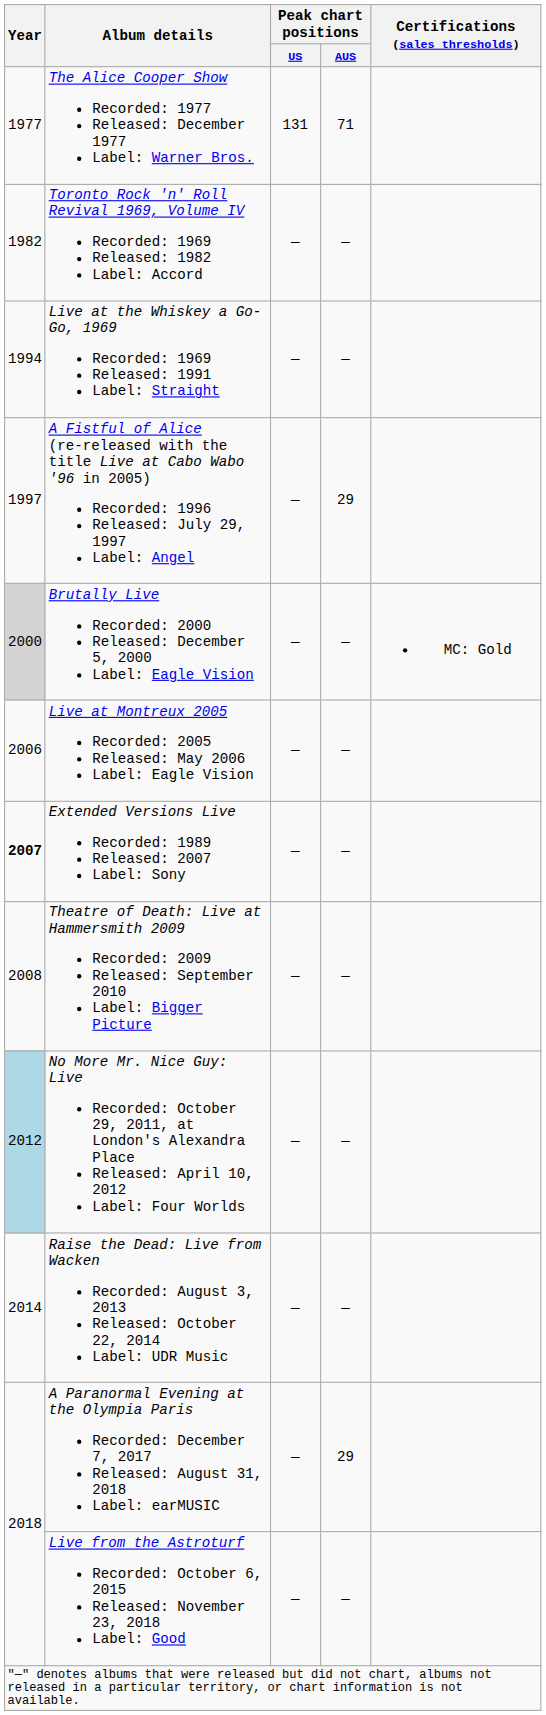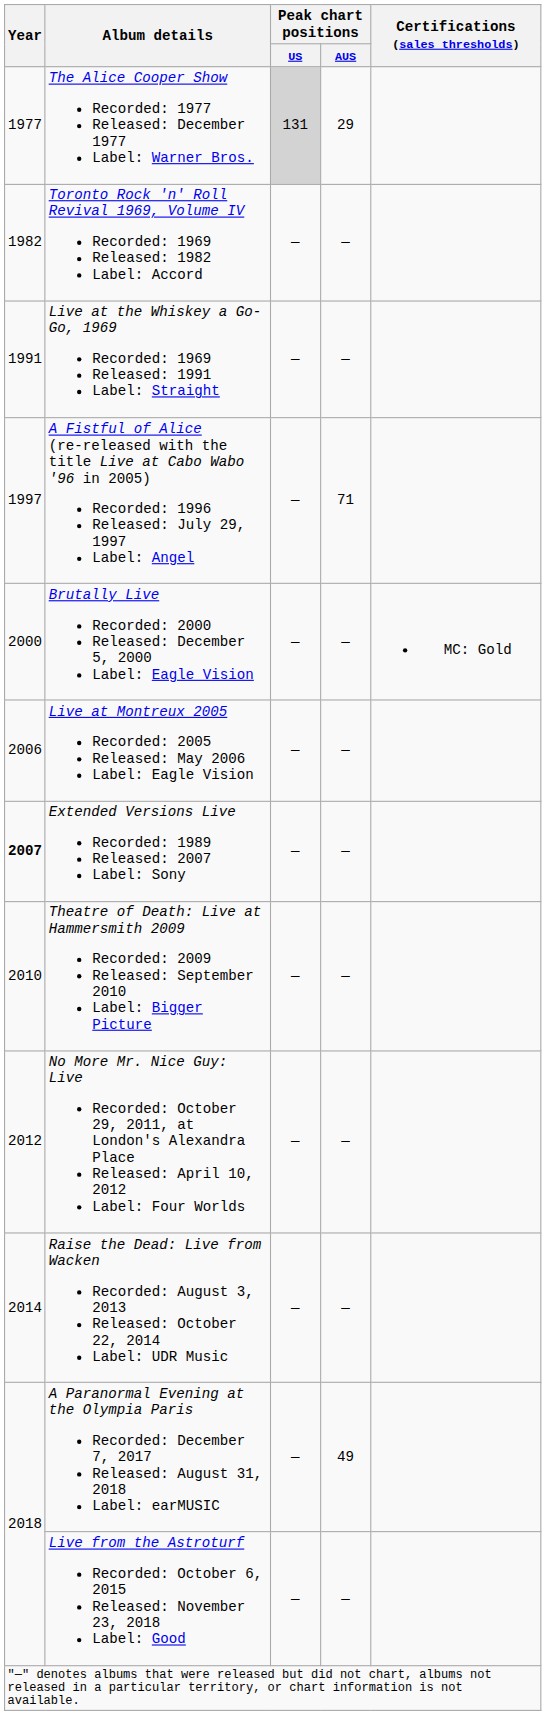 <table class="wikitable">
 <tr>
 <th rowspan="2" style="width:30px;">Year</th>
 <th rowspan="2" style="width:200px;">Album details</th>
 <th colspan="2">Peak chart positions</th>
 <th rowspan="2" style="width:150px;">Certifications<br><small>(<a href='#'>sales thresholds</a>)</small></th>
 </tr>
 <tr>
 <th style="width:40px;"><small><a href='#'>US</a></small><br></th>
 <th style="width:40px;"><small><a href='#'>AUS</a></small><br></th>
 </tr>
 <tr>
 <td>1977</td>
 <td><em><a href='#'>The Alice Cooper Show</a></em><br><ul><li>Recorded: 1977</li><li>Released: December 1977</li><li>Label: <a href='#'>Warner Bros.</a></li></ul></td>
-<td style="text-align:center;">131</td>
-<td style="text-align:center;">71</td>
+<td style="background: lightgrey; text-align:center;">131</td>
+<td style="text-align:center;">29</td>
 <td style="text-align:center;"></td>
 </tr>
 <tr>
 <td>1982</td>
 <td><em><a href='#'>Toronto Rock 'n' Roll Revival 1969, Volume IV</a></em><br><ul><li>Recorded: 1969</li><li>Released: 1982</li><li>Label: Accord</li></ul></td>
 <td style="text-align:center;">—</td>
 <td style="text-align:center;">—</td>
 <td style="text-align:center;"></td>
 </tr>
 <tr>
-<td>1994</td>
+<td>1991</td>
 <td><em>Live at the Whiskey a Go-Go, 1969</em><br><ul><li>Recorded: 1969</li><li>Released: 1991</li><li>Label: <a href='#'>Straight</a></li></ul></td>
 <td style="text-align:center;">—</td>
 <td style="text-align:center;">—</td>
 <td style="text-align:center;"></td>
 </tr>
 <tr>
 <td>1997</td>
 <td><em><a href='#'>A Fistful of Alice</a></em><br>(re-released with the title <em>Live at Cabo Wabo '96</em> in 2005)<ul><li>Recorded: 1996</li><li>Released: July 29, 1997</li><li>Label: <a href='#'>Angel</a></li></ul></td>
 <td style="text-align:center;">—</td>
-<td style="text-align:center;">29</td>
+<td style="text-align:center;">71</td>
 <td style="text-align:center;"></td>
 </tr>
 <tr>
-<td style="background: lightgrey;">2000</td>
+<td>2000</td>
 <td><em><a href='#'>Brutally Live</a></em><br><ul><li>Recorded: 2000</li><li>Released: December 5, 2000</li><li>Label: <a href='#'>Eagle Vision</a></li></ul></td>
 <td style="text-align:center;">—</td>
 <td style="text-align:center;">—</td>
 <td style="text-align:center;"><br><ul><li>MC: Gold</li></ul></td>
 </tr>
 <tr>
 <td>2006</td>
 <td><em><a href='#'>Live at Montreux 2005</a></em><br><ul><li>Recorded: 2005</li><li>Released: May 2006</li><li>Label: Eagle Vision</li></ul></td>
 <td style="text-align:center;">—</td>
 <td style="text-align:center;">—</td>
 <td style="text-align:center;"></td>
 </tr>
 <tr>
 <td><strong>2007</strong></td>
 <td><em>Extended Versions Live</em><br><ul><li>Recorded: 1989</li><li>Released: 2007</li><li>Label: Sony</li></ul></td>
 <td style="text-align:center;">—</td>
 <td style="text-align:center;">—</td>
 <td style="text-align:center;"></td>
 </tr>
 <tr>
-<td>2008</td>
+<td>2010</td>
 <td><em>Theatre of Death: Live at Hammersmith 2009</em><br><ul><li>Recorded: 2009</li><li>Released: September 2010</li><li>Label: <a href='#'>Bigger Picture</a></li></ul></td>
 <td style="text-align:center;">—</td>
 <td style="text-align:center;">—</td>
 <td style="text-align:center;"></td>
 </tr>
 <tr>
-<td style="background: lightblue;">2012</td>
+<td>2012</td>
 <td><em>No More Mr. Nice Guy: Live</em><br><ul><li>Recorded: October 29, 2011, at London's Alexandra Place</li><li>Released: April 10, 2012</li><li>Label: Four Worlds</li></ul></td>
 <td style="text-align:center;">—</td>
 <td style="text-align:center;">—</td>
 <td style="text-align:center;"></td>
 </tr>
 <tr>
 <td>2014</td>
 <td><em>Raise the Dead: Live from Wacken</em><br><ul><li>Recorded: August 3, 2013</li><li>Released: October 22, 2014</li><li>Label: UDR Music</li></ul></td>
 <td style="text-align:center;">—</td>
 <td style="text-align:center;">—</td>
 <td style="text-align:center;"></td>
 </tr>
 <tr>
 <td rowspan="2">2018</td>
 <td><em>A Paranormal Evening at the Olympia Paris</em><br><ul><li>Recorded: December 7, 2017</li><li>Released: August 31, 2018</li><li>Label: earMUSIC</li></ul></td>
 <td style="text-align:center;">—</td>
-<td style="text-align:center;">29</td>
+<td style="text-align:center;">49<br></td>
 <td style="text-align:center;"></td>
 </tr>
 <tr>
 <td><em><a href='#'>Live from the Astroturf</a></em><br><ul><li>Recorded: October 6, 2015</li><li>Released: November 23, 2018</li><li>Label: <a href='#'>Good</a></li></ul></td>
 <td style="text-align:center;">—</td>
 <td style="text-align:center;">—</td>
 <td style="text-align:center;"></td>
 </tr>
 <tr>
 <td colspan="21" style="font-size: 85%">"—" denotes albums that were released but did not chart, albums not released in a particular territory, or chart information is not available.</td>
 </tr>
 </table>
